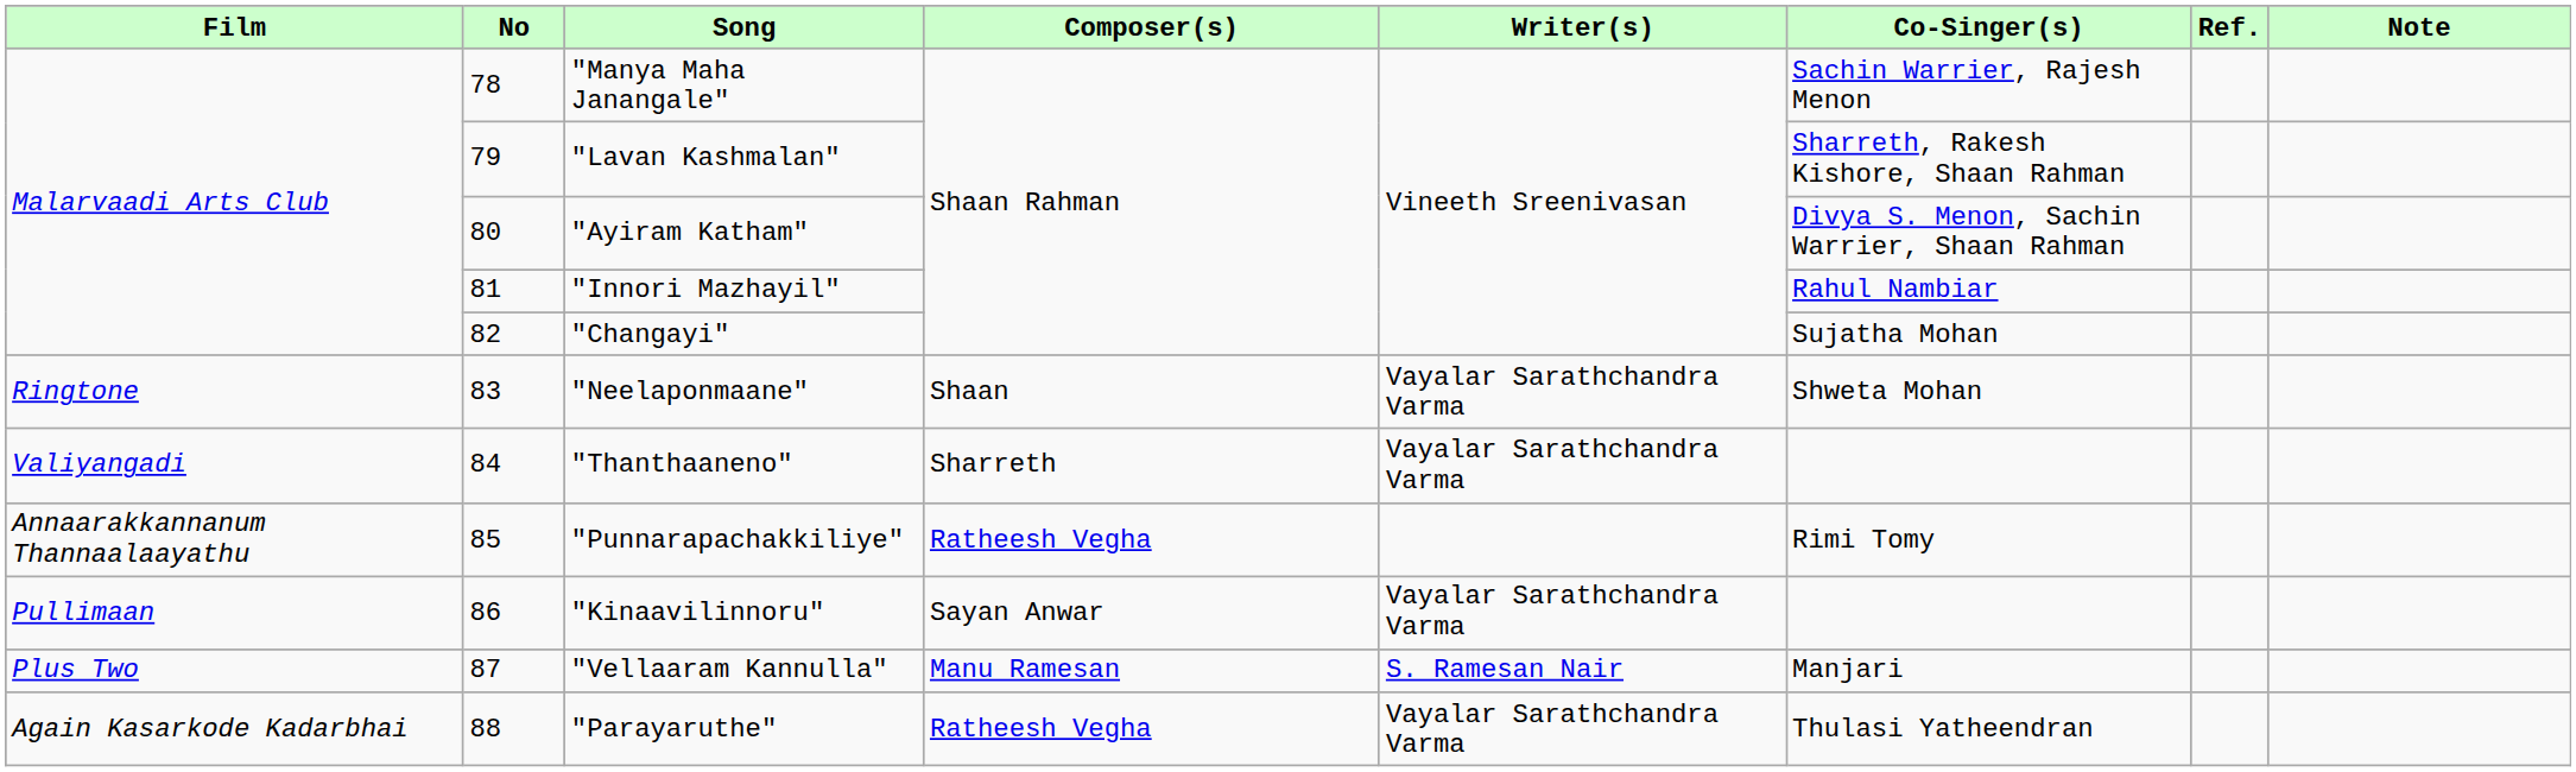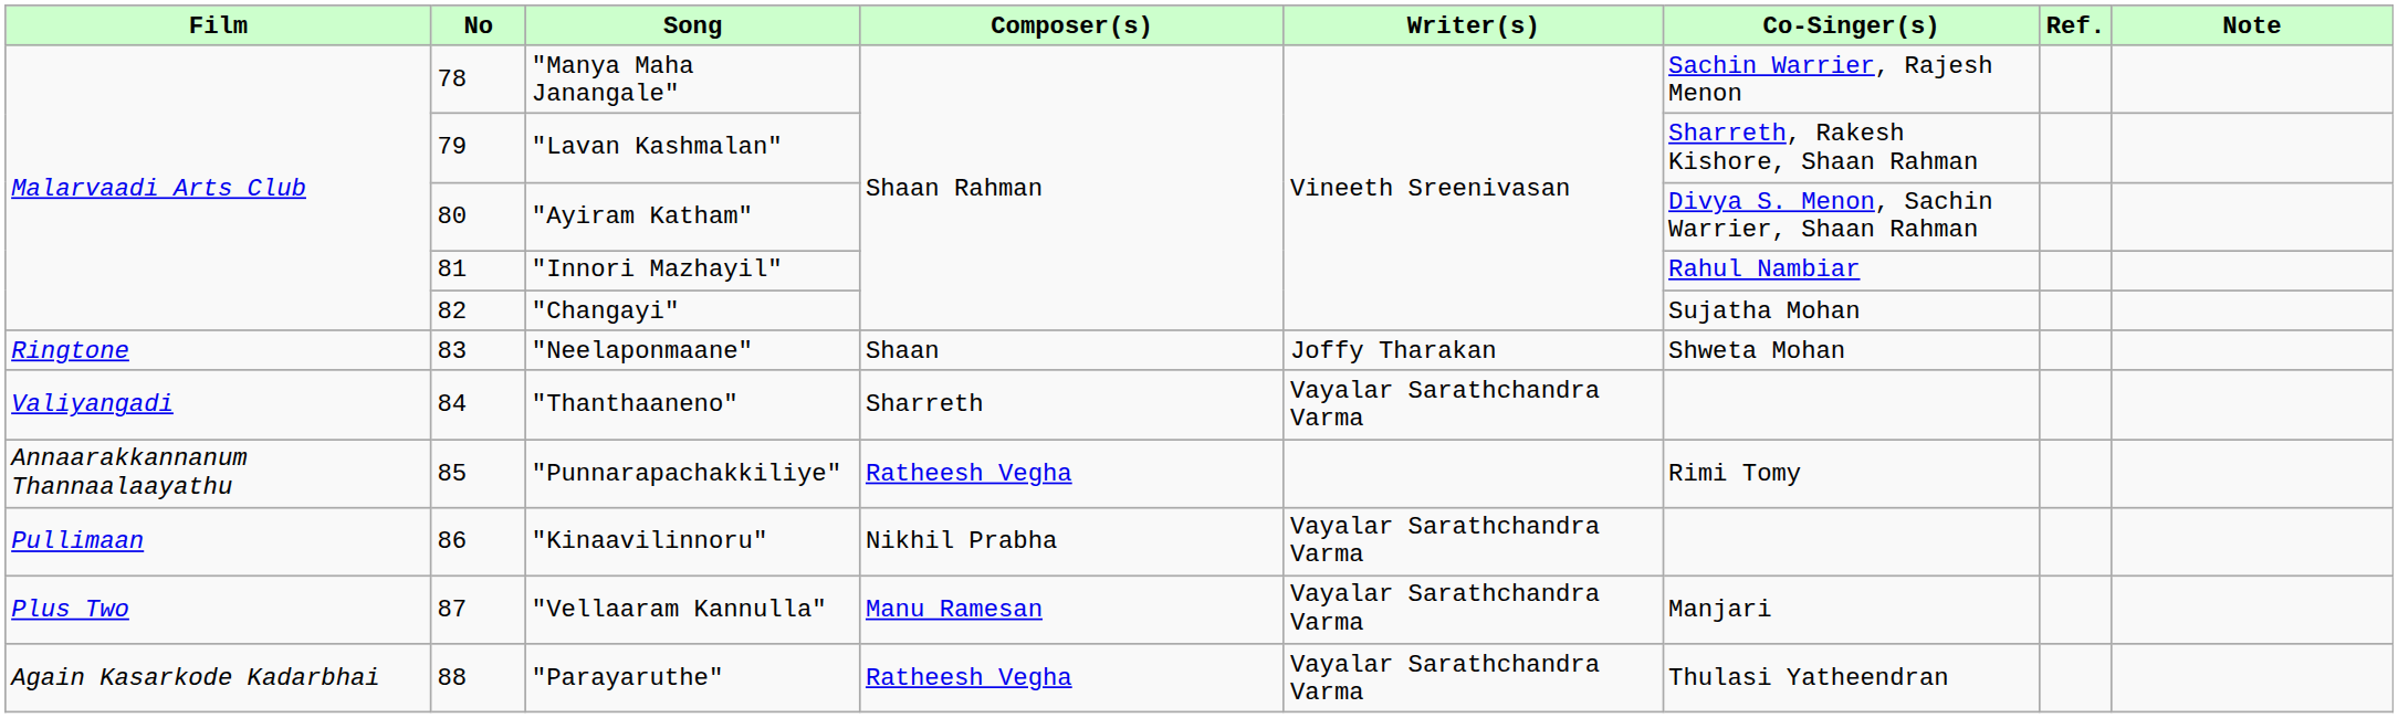 <table class="wikitable plainrowheaders" style="width:100%;" textcolor:#000;" style="align:center;">
 <tr style="background:#cfc; text-align:center;">
 <td scope="col" style="width:18%;"><strong>Film</strong></td>
 <td scope="col" style="width:4%;"><strong>No</strong></td>
 <td scope="col" style="width:14%;"><strong>Song</strong></td>
 <td scope="col" style="width:18%;"><strong>Composer(s)</strong></td>
 <td scope="col" style="width:16%;"><strong>Writer(s)</strong></td>
 <td scope="col" style="width:16%;"><strong>Co-Singer(s)</strong></td>
 <td scope="col" style="width:2%;"><strong>Ref.</strong></td>
 <td scope="col" style="width:12%;"><strong>Note</strong></td>
 </tr>
 <tr>
 <td rowspan="5"><em><a href='#'>Malarvaadi Arts Club</a></em></td>
 <td>78</td>
 <td>"Manya Maha Janangale"</td>
 <td rowspan="5">Shaan Rahman</td>
 <td rowspan="5">Vineeth Sreenivasan</td>
 <td><a href='#'>Sachin Warrier</a>, Rajesh Menon</td>
 <td></td>
 <td></td>
 </tr>
 <tr>
 <td>79</td>
 <td>"Lavan Kashmalan"</td>
 <td><a href='#'>Sharreth</a>, Rakesh Kishore, Shaan Rahman</td>
 <td></td>
 <td></td>
 </tr>
 <tr>
 <td>80</td>
 <td>"Ayiram Katham"</td>
 <td><a href='#'>Divya S. Menon</a>, Sachin Warrier, Shaan Rahman</td>
 <td></td>
 <td></td>
 </tr>
 <tr>
 <td>81</td>
 <td>"Innori Mazhayil"</td>
 <td><a href='#'>Rahul Nambiar</a></td>
 <td></td>
 <td></td>
 </tr>
 <tr>
 <td>82</td>
 <td>"Changayi"</td>
 <td>Sujatha Mohan</td>
 <td></td>
 <td></td>
 </tr>
 <tr>
 <td><em><a href='#'>Ringtone</a></em></td>
 <td>83</td>
 <td>"Neelaponmaane"</td>
 <td>Shaan</td>
-<td>Vayalar Sarathchandra Varma</td>
+<td>Joffy Tharakan</td>
 <td>Shweta Mohan</td>
 <td></td>
 <td></td>
 </tr>
 <tr>
 <td><em><a href='#'>Valiyangadi</a></em></td>
 <td>84</td>
 <td>"Thanthaaneno"</td>
 <td>Sharreth</td>
 <td>Vayalar Sarathchandra Varma</td>
 <td></td>
 <td></td>
 <td></td>
 </tr>
 <tr>
 <td><em>Annaarakkannanum Thannaalaayathu</em></td>
 <td>85</td>
 <td>"Punnarapachakkiliye"</td>
 <td><a href='#'>Ratheesh Vegha</a></td>
 <td></td>
 <td>Rimi Tomy</td>
 <td></td>
 <td></td>
 </tr>
 <tr>
 <td><em><a href='#'>Pullimaan</a></em></td>
 <td>86</td>
 <td>"Kinaavilinnoru"</td>
-<td>Sayan Anwar</td>
+<td>Nikhil Prabha</td>
 <td>Vayalar Sarathchandra Varma</td>
 <td></td>
 <td></td>
 <td></td>
 </tr>
 <tr>
 <td><em><a href='#'>Plus Two</a></em></td>
 <td>87</td>
 <td>"Vellaaram Kannulla"</td>
 <td><a href='#'>Manu Ramesan</a></td>
-<td><a href='#'>S. Ramesan Nair</a></td>
+<td>Vayalar Sarathchandra Varma</td>
 <td>Manjari</td>
 <td></td>
 <td></td>
 </tr>
 <tr>
 <td><em>Again Kasarkode Kadarbhai</em></td>
 <td>88</td>
 <td>"Parayaruthe"</td>
 <td><a href='#'>Ratheesh Vegha</a></td>
 <td>Vayalar Sarathchandra Varma</td>
 <td>Thulasi Yatheendran</td>
 <td></td>
 <td></td>
 </tr>
 </table>
